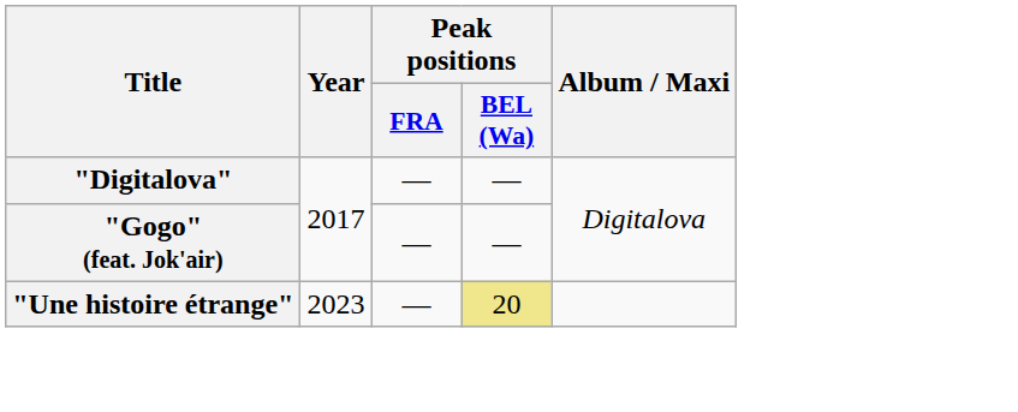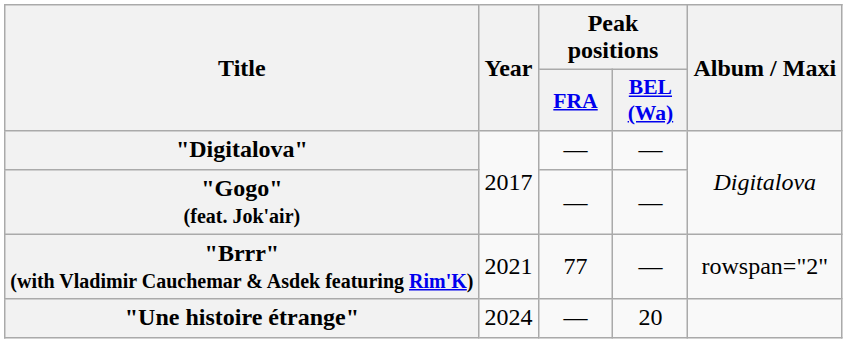 <table class="wikitable plainrowheaders" style="text-align:center">
 <tr>
 <th scope="col" rowspan="2">Title</th>
 <th scope="col" rowspan="2">Year</th>
 <th scope="col" colspan="2">Peak positions</th>
 <th scope="col" rowspan="2">Album / Maxi</th>
 </tr>
 <tr>
 <th scope="col" style="width:3em;font-size:90%;"><a href='#'>FRA</a><br></th>
 <th scope="col" style="width:3em;font-size:90%;"><a href='#'>BEL <br>(Wa)</a><br></th>
 </tr>
 <tr>
 <th scope="row">"Digitalova"</th>
 <td rowspan=2>2017</td>
 <td>—</td>
 <td>—</td>
 <td rowspan=2><em>Digitalova</em></td>
 </tr>
 <tr>
 <th scope="row">"Gogo"<br><small>(feat. Jok'air)</small></th>
 <td>—</td>
 <td>—</td>
 </tr>
 <tr>
+<th scope="row">"Brrr"<br><small>(with Vladimir Cauchemar & Asdek featuring <a href='#'>Rim'K</a>)</small></th>
+<td>2021</td>
+<td>77</td>
+<td>—</td>
+<td>rowspan="2" </td>
+</tr>
+<tr>
 <th scope="row">"Une histoire étrange"</th>
-<td>2023</td>
+<td>2024</td>
 <td>—</td>
-<td style="background: khaki;">20</td>
+<td>20</td>
 </tr>
 </table>
